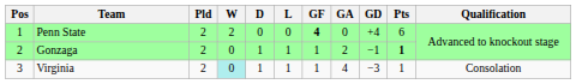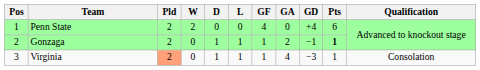 <table class="wikitable" style="text-align:center; margin: 1em auto">
 <tr>
 <th style="width:2em">Pos</th>
 <th style="width:13em">Team</th>
 <th style="width:2em">Pld</th>
 <th style="width:2em">W</th>
 <th style="width:2em">D</th>
 <th style="width:2em">L</th>
 <th style="width:2em">GF</th>
 <th style="width:2em">GA</th>
 <th style="width:2em">GD</th>
 <th style="width:2em">Pts</th>
 <th style="width:13em">Qualification</th>
 </tr>
 <tr bgcolor="#9eff9e">
 <td>1</td>
 <td style="text-align:left">Penn State</td>
 <td>2</td>
 <td>2</td>
 <td>0</td>
 <td>0</td>
-<td><strong>4</strong></td>
+<td>4</td>
 <td>0</td>
 <td>+4</td>
 <td>6</td>
 <td rowspan="2">Advanced to knockout stage</td>
 </tr>
 <tr bgcolor="#9eff9e">
 <td>2</td>
 <td style="text-align:left">Gonzaga</td>
 <td>2</td>
 <td>0</td>
 <td>1</td>
 <td>1</td>
 <td>1</td>
 <td>2</td>
 <td>−1</td>
 <td><strong>1</strong></td>
 </tr>
 <tr>
 <td>3</td>
 <td style="text-align:left">Virginia</td>
-<td>2</td>
-<td style="background: paleturquoise;">0</td>
+<td style="background: lightsalmon;">2</td>
+<td>0</td>
 <td>1</td>
 <td>1</td>
 <td>1</td>
 <td>4</td>
 <td>−3</td>
 <td>1</td>
 <td>Consolation</td>
 </tr>
 </table>
